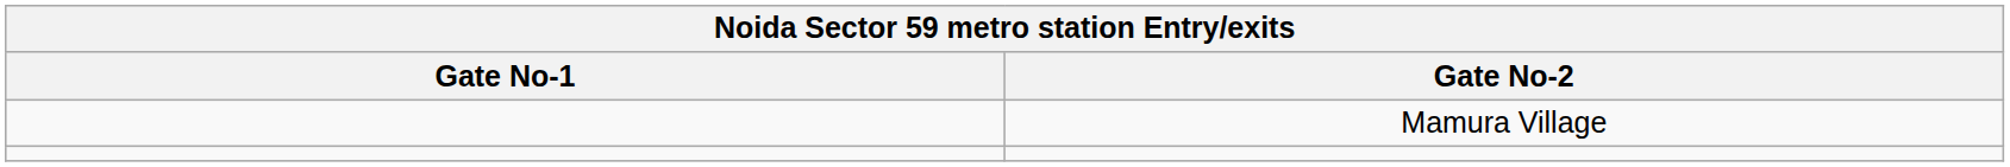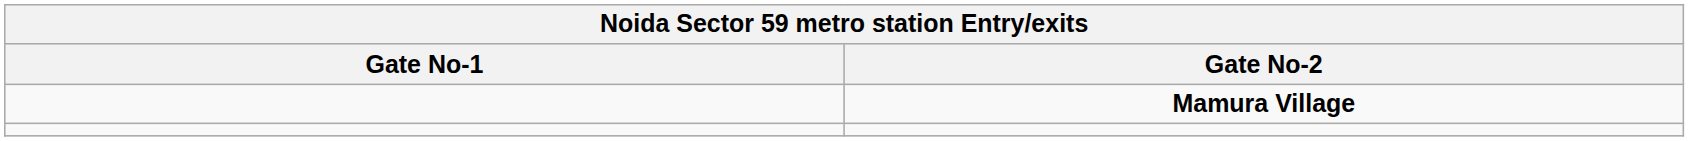 <table class="wikitable" style="text-align: center;" width="68%">
 <tr>
 <th align="center" colspan="5" style="background:#"><span>Noida Sector 59 metro station Entry/exits</span></th>
 </tr>
 <tr>
 <th style="width:15%;">Gate No-1</th>
 <th style="width:15%;">Gate No-2</th>
 </tr>
 <tr>
 <td></td>
-<td>Mamura Village</td>
+<td><strong>Mamura Village</strong></td>
 </tr>
 <tr>
 <td></td>
 <td></td>
 </tr>
 </table>
